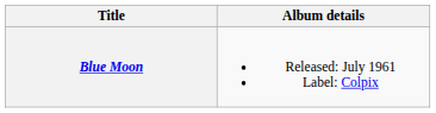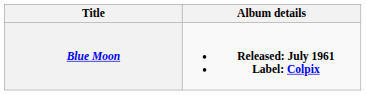 <table class="wikitable plainrowheaders" style="text-align:center;">
 <tr>
 <th scope="col" style="width:15em;">Title</th>
 <th scope="col" style="width:15em;">Album details</th>
 </tr>
 <tr>
 <th scope="row"><em><a href='#'>Blue Moon</a></em></th>
-<td><br><ul><li>Released: July 1961</li><li>Label: <a href='#'>Colpix</a></li></ul></td>
+<td><strong><br><ul><li>Released: July 1961</li><li>Label: <a href='#'>Colpix</a></li></ul></strong></td>
 </tr>
 </table>
